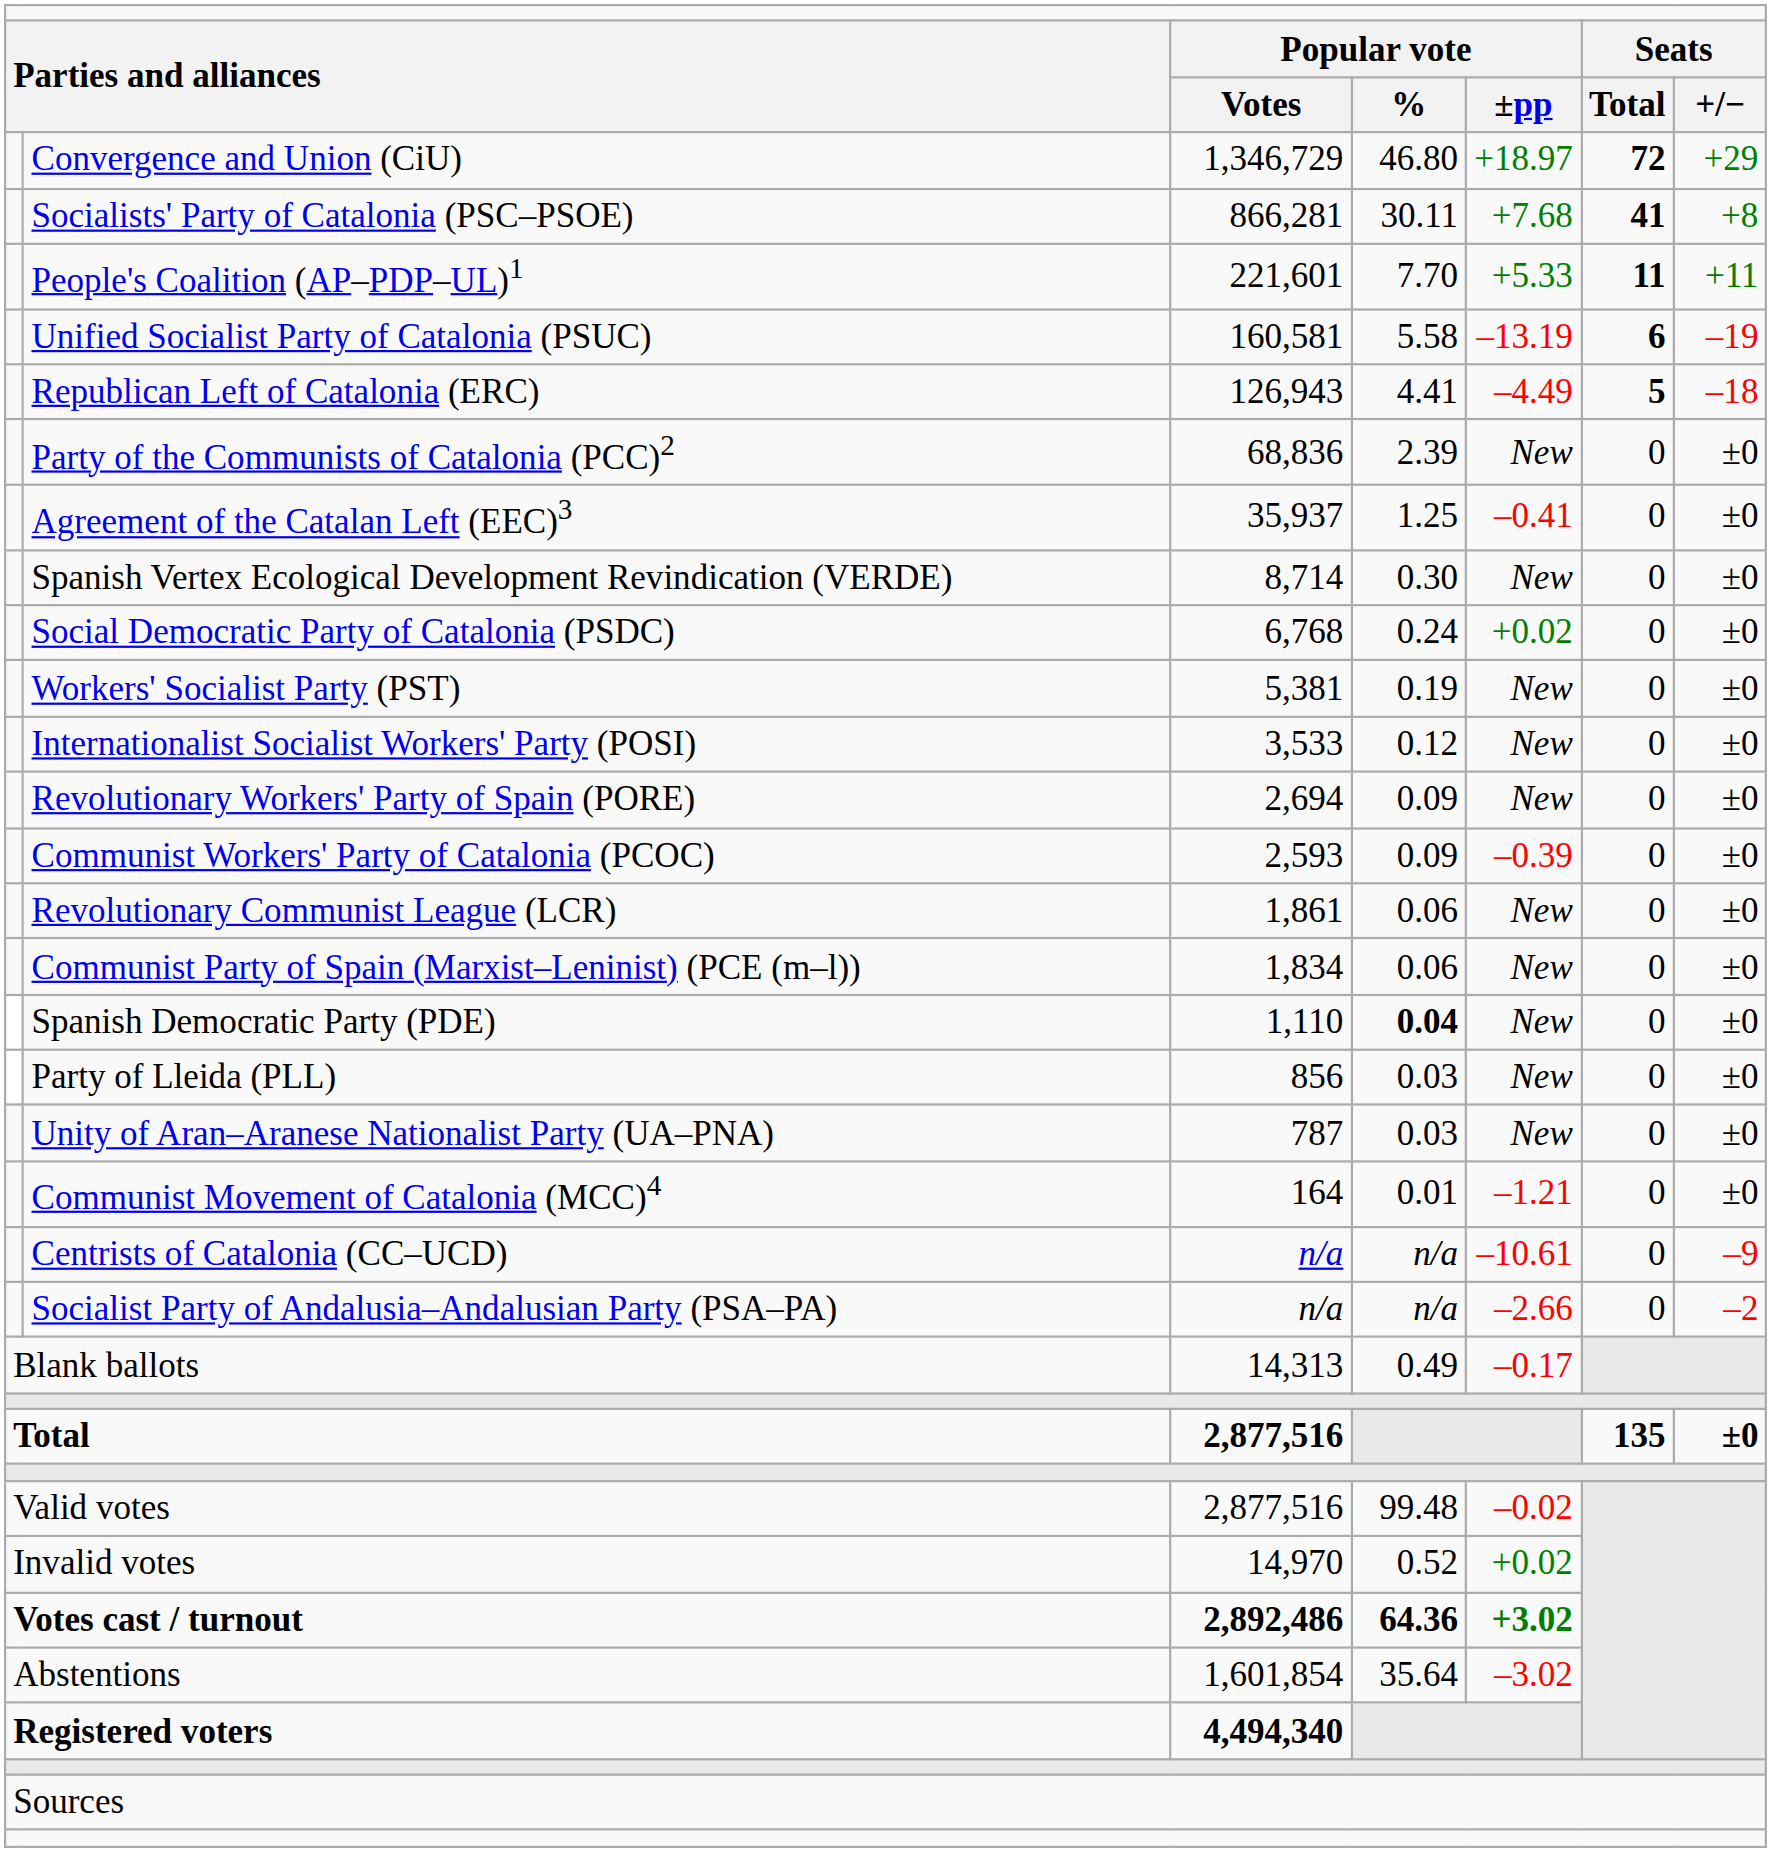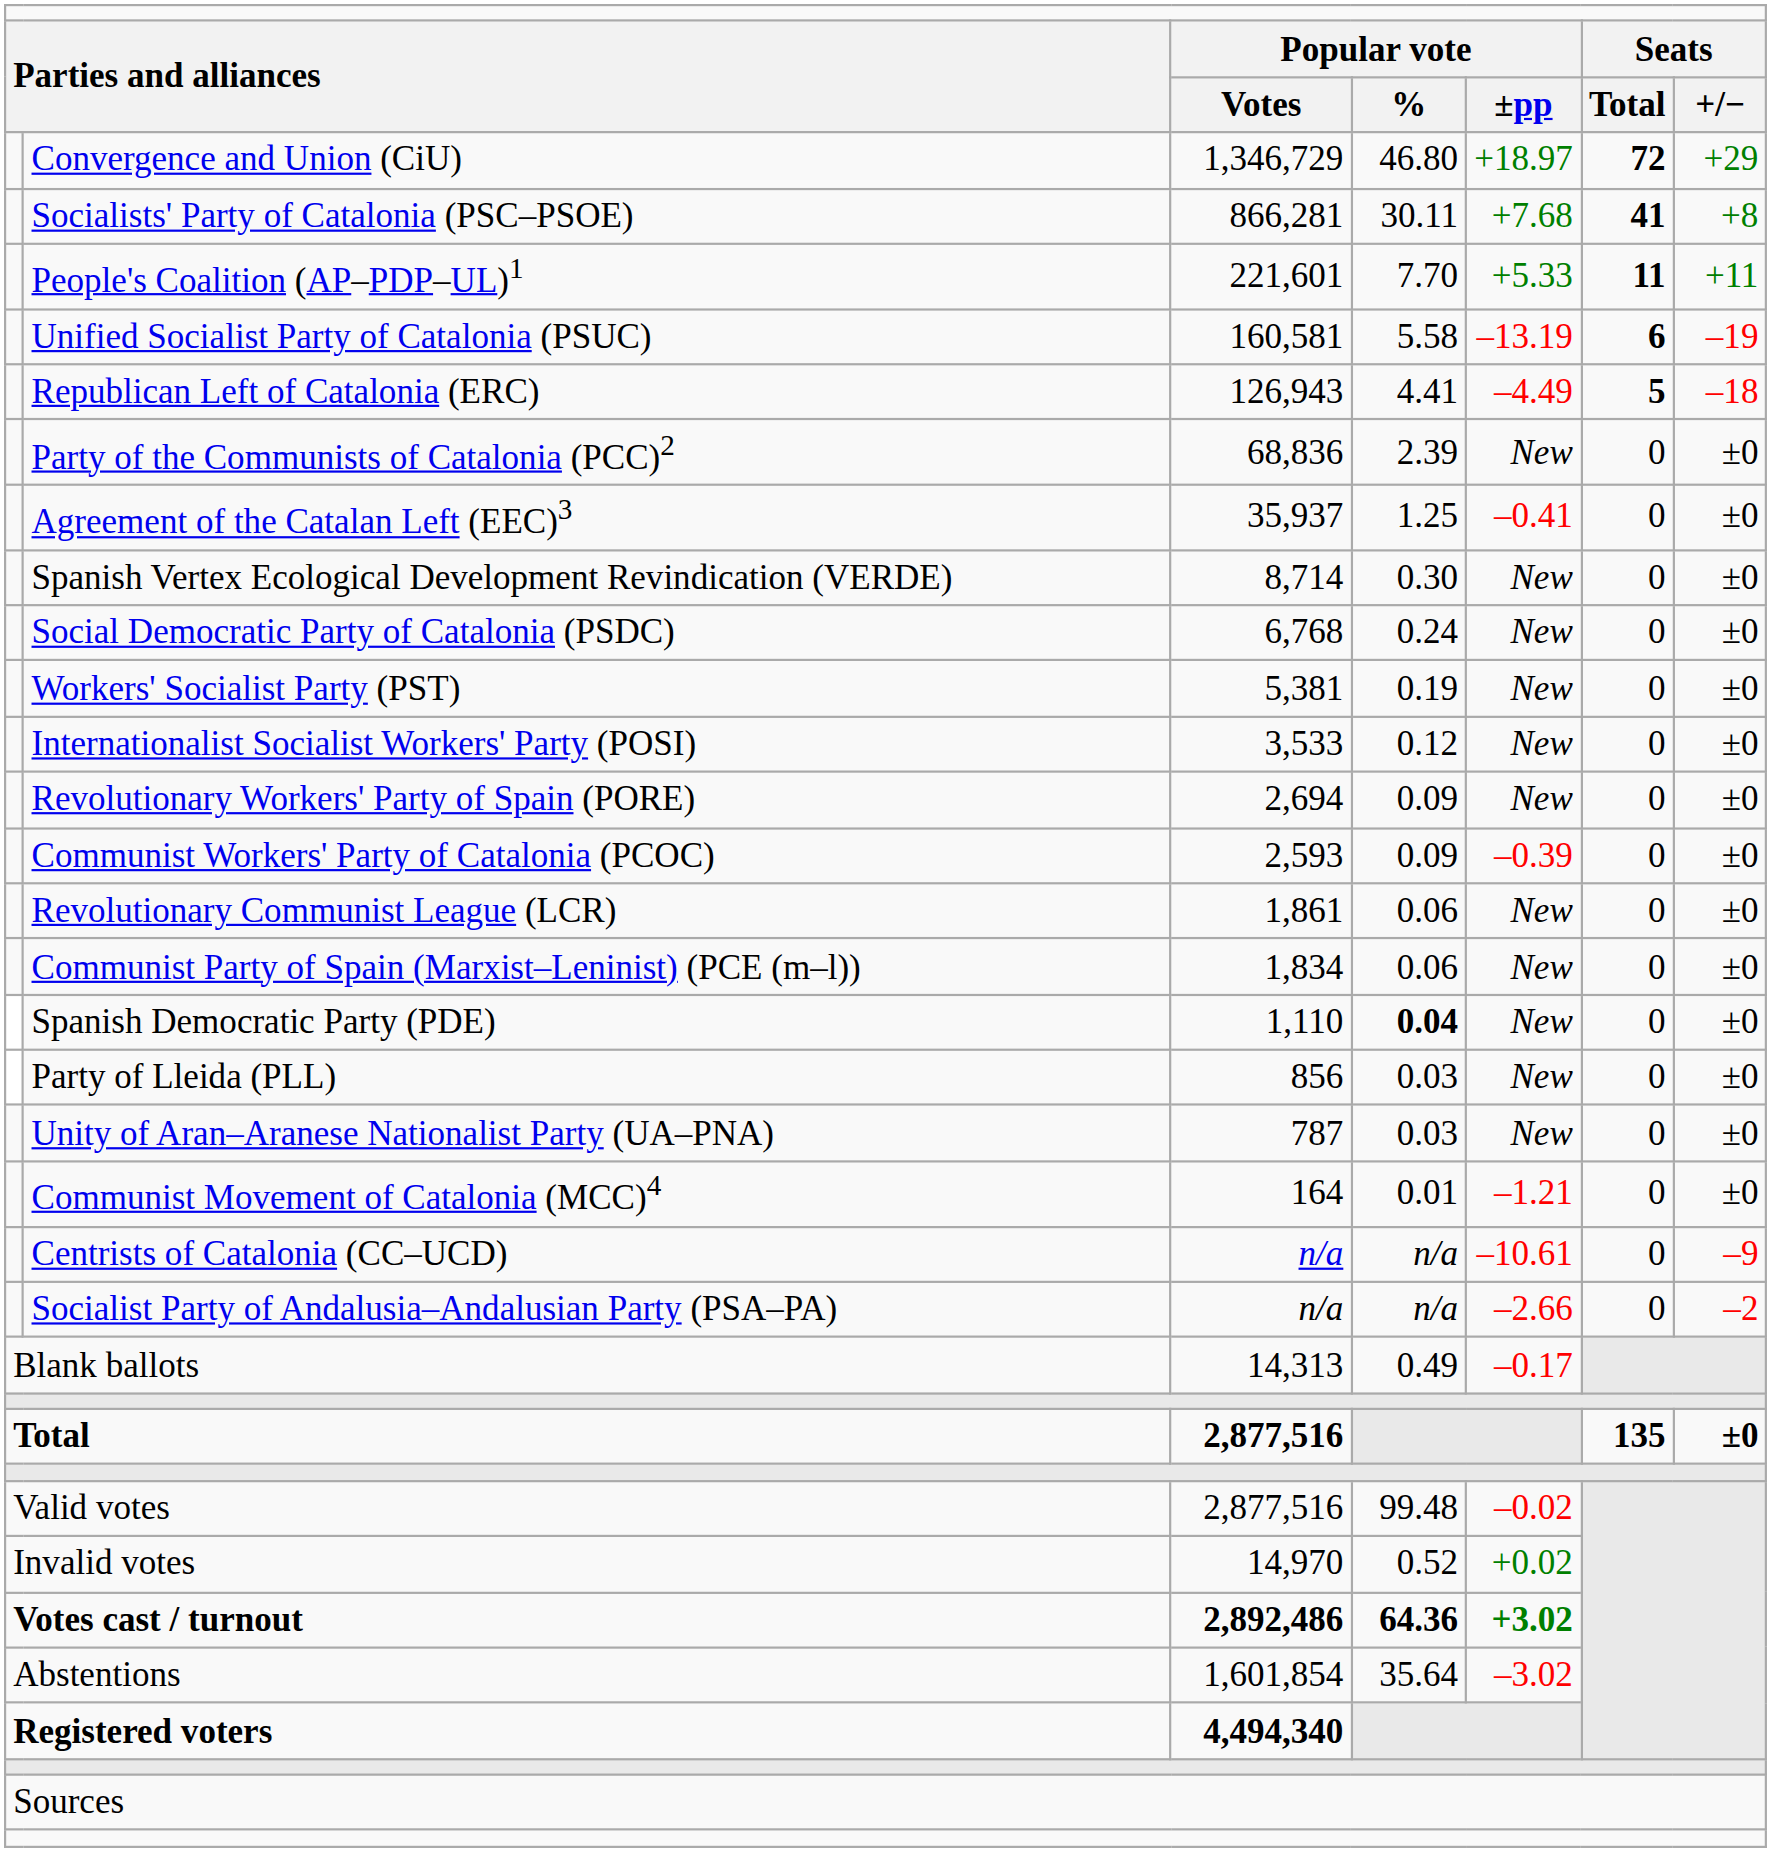 <table class="wikitable" style="text-align:right;">
 <tr>
 <td colspan="7"></td>
 </tr>
 <tr>
 <th style="text-align:left;" rowspan="2" colspan="2" width="525">Parties and alliances</th>
 <th colspan="3">Popular vote</th>
 <th colspan="2">Seats</th>
 </tr>
 <tr>
 <th width="75">Votes</th>
 <th width="45">%</th>
 <th width="45">±<a href='#'>pp</a></th>
 <th width="35">Total</th>
 <th width="35">+/−</th>
 </tr>
 <tr>
 <td width="1" style="color:inherit;background:"></td>
 <td align="left"><a href='#'>Convergence and Union</a> (CiU)</td>
 <td>1,346,729</td>
 <td>46.80</td>
 <td style="color:green;">+18.97</td>
 <td><strong>72</strong></td>
 <td style="color:green;">+29</td>
 </tr>
 <tr>
 <td style="color:inherit;background:"></td>
 <td align="left"><a href='#'>Socialists' Party of Catalonia</a> (PSC–PSOE)</td>
 <td>866,281</td>
 <td>30.11</td>
 <td style="color:green;">+7.68</td>
 <td><strong>41</strong></td>
 <td style="color:green;">+8</td>
 </tr>
 <tr>
 <td style="color:inherit;background:"></td>
 <td align="left"><a href='#'>People's Coalition</a> (<a href='#'>AP</a>–<a href='#'>PDP</a>–<a href='#'>UL</a>)<sup>1</sup></td>
 <td>221,601</td>
 <td>7.70</td>
 <td style="color:green;">+5.33</td>
 <td><strong>11</strong></td>
 <td style="color:green;">+11</td>
 </tr>
 <tr>
 <td style="color:inherit;background:"></td>
 <td align="left"><a href='#'>Unified Socialist Party of Catalonia</a> (PSUC)</td>
 <td>160,581</td>
 <td>5.58</td>
 <td style="color:red;">–13.19</td>
 <td><strong>6</strong></td>
 <td style="color:red;">–19</td>
 </tr>
 <tr>
 <td style="color:inherit;background:"></td>
 <td align="left"><a href='#'>Republican Left of Catalonia</a> (ERC)</td>
 <td>126,943</td>
 <td>4.41</td>
 <td style="color:red;">–4.49</td>
 <td><strong>5</strong></td>
 <td style="color:red;">–18</td>
 </tr>
 <tr>
 <td style="color:inherit;background:"></td>
 <td align="left"><a href='#'>Party of the Communists of Catalonia</a> (PCC)<sup>2</sup></td>
 <td>68,836</td>
 <td>2.39</td>
 <td><em>New</em></td>
 <td>0</td>
 <td>±0</td>
 </tr>
 <tr>
 <td style="color:inherit;background:"></td>
 <td align="left"><a href='#'>Agreement of the Catalan Left</a> (EEC)<sup>3</sup></td>
 <td>35,937</td>
 <td>1.25</td>
 <td style="color:red;">–0.41</td>
 <td>0</td>
 <td>±0</td>
 </tr>
 <tr>
 <td style="color:inherit;background:"></td>
 <td align="left">Spanish Vertex Ecological Development Revindication (VERDE)</td>
 <td>8,714</td>
 <td>0.30</td>
 <td><em>New</em></td>
 <td>0</td>
 <td>±0</td>
 </tr>
 <tr>
 <td style="color:inherit;background:"></td>
 <td align="left"><a href='#'>Social Democratic Party of Catalonia</a> (PSDC)</td>
 <td>6,768</td>
 <td>0.24</td>
-<td style="color:green;">+0.02</td>
+<td><em>New</em></td>
 <td>0</td>
 <td>±0</td>
 </tr>
 <tr>
 <td style="color:inherit;background:"></td>
 <td align="left"><a href='#'>Workers' Socialist Party</a> (PST)</td>
 <td>5,381</td>
 <td>0.19</td>
 <td><em>New</em></td>
 <td>0</td>
 <td>±0</td>
 </tr>
 <tr>
 <td style="color:inherit;background:"></td>
 <td align="left"><a href='#'>Internationalist Socialist Workers' Party</a> (POSI)</td>
 <td>3,533</td>
 <td>0.12</td>
 <td><em>New</em></td>
 <td>0</td>
 <td>±0</td>
 </tr>
 <tr>
 <td style="color:inherit;background:"></td>
 <td align="left"><a href='#'>Revolutionary Workers' Party of Spain</a> (PORE)</td>
 <td>2,694</td>
 <td>0.09</td>
 <td><em>New</em></td>
 <td>0</td>
 <td>±0</td>
 </tr>
 <tr>
 <td style="color:inherit;background:"></td>
 <td align="left"><a href='#'>Communist Workers' Party of Catalonia</a> (PCOC)</td>
 <td>2,593</td>
 <td>0.09</td>
 <td style="color:red;">–0.39</td>
 <td>0</td>
 <td>±0</td>
 </tr>
 <tr>
 <td style="color:inherit;background:"></td>
 <td align="left"><a href='#'>Revolutionary Communist League</a> (LCR)</td>
 <td>1,861</td>
 <td>0.06</td>
 <td><em>New</em></td>
 <td>0</td>
 <td>±0</td>
 </tr>
 <tr>
 <td style="color:inherit;background:"></td>
 <td align="left"><a href='#'>Communist Party of Spain (Marxist–Leninist)</a> (PCE (m–l))</td>
 <td>1,834</td>
 <td>0.06</td>
 <td><em>New</em></td>
 <td>0</td>
 <td>±0</td>
 </tr>
 <tr>
 <td bgcolor="white"></td>
 <td align="left">Spanish Democratic Party (PDE)</td>
 <td>1,110</td>
 <td><strong>0.04</strong></td>
 <td><em>New</em></td>
 <td>0</td>
 <td>±0</td>
 </tr>
 <tr>
 <td bgcolor="white"></td>
 <td align="left">Party of Lleida (PLL)</td>
 <td>856</td>
 <td>0.03</td>
 <td><em>New</em></td>
 <td>0</td>
 <td>±0</td>
 </tr>
 <tr>
 <td style="color:inherit;background:"></td>
 <td align="left"><a href='#'>Unity of Aran–Aranese Nationalist Party</a> (UA–PNA)</td>
 <td>787</td>
 <td>0.03</td>
 <td><em>New</em></td>
 <td>0</td>
 <td>±0</td>
 </tr>
 <tr>
 <td style="color:inherit;background:"></td>
 <td align="left"><a href='#'>Communist Movement of Catalonia</a> (MCC)<sup>4</sup></td>
 <td>164</td>
 <td>0.01</td>
 <td style="color:red;">–1.21</td>
 <td>0</td>
 <td>±0</td>
 </tr>
 <tr>
 <td style="color:inherit;background:"></td>
 <td align="left"><a href='#'>Centrists of Catalonia</a> (CC–UCD)</td>
 <td><em><a href='#'>n/a</a></em></td>
 <td><em>n/a</em></td>
 <td style="color:red;">–10.61</td>
 <td>0</td>
 <td style="color:red;">–9</td>
 </tr>
 <tr>
 <td style="color:inherit;background:"></td>
 <td align="left"><a href='#'>Socialist Party of Andalusia–Andalusian Party</a> (PSA–PA)</td>
 <td><em>n/a</em></td>
 <td><em>n/a</em></td>
 <td style="color:red;">–2.66</td>
 <td>0</td>
 <td style="color:red;">–2</td>
 </tr>
 <tr>
 <td align="left" colspan="2">Blank ballots</td>
 <td>14,313</td>
 <td>0.49</td>
 <td style="color:red;">–0.17</td>
 <td bgcolor="#E9E9E9" colspan="2"></td>
 </tr>
 <tr>
 <td colspan="7" bgcolor="#E9E9E9"></td>
 </tr>
 <tr style="font-weight:bold;">
 <td align="left" colspan="2">Total</td>
 <td>2,877,516</td>
 <td bgcolor="#E9E9E9" colspan="2"></td>
 <td>135</td>
 <td>±0</td>
 </tr>
 <tr>
 <td colspan="7" bgcolor="#E9E9E9"></td>
 </tr>
 <tr>
 <td align="left" colspan="2">Valid votes</td>
 <td>2,877,516</td>
 <td>99.48</td>
 <td style="color:red;">–0.02</td>
 <td bgcolor="#E9E9E9" colspan="2" rowspan="5"></td>
 </tr>
 <tr>
 <td align="left" colspan="2">Invalid votes</td>
 <td>14,970</td>
 <td>0.52</td>
 <td style="color:green;">+0.02</td>
 </tr>
 <tr style="font-weight:bold;">
 <td align="left" colspan="2">Votes cast / turnout</td>
 <td>2,892,486</td>
 <td>64.36</td>
 <td style="color:green;">+3.02</td>
 </tr>
 <tr>
 <td align="left" colspan="2">Abstentions</td>
 <td>1,601,854</td>
 <td>35.64</td>
 <td style="color:red;">–3.02</td>
 </tr>
 <tr style="font-weight:bold;">
 <td align="left" colspan="2">Registered voters</td>
 <td>4,494,340</td>
 <td bgcolor="#E9E9E9" colspan="2"></td>
 </tr>
 <tr>
 <td colspan="7" bgcolor="#E9E9E9"></td>
 </tr>
 <tr>
 <td align="left" colspan="7">Sources</td>
 </tr>
 <tr>
 <td colspan="7" style="text-align:left; max-width:790px;"></td>
 </tr>
 </table>
